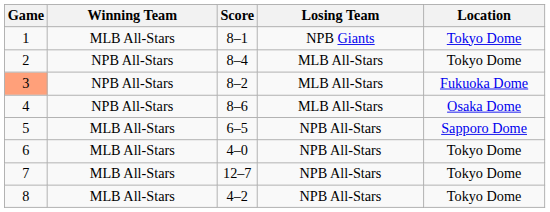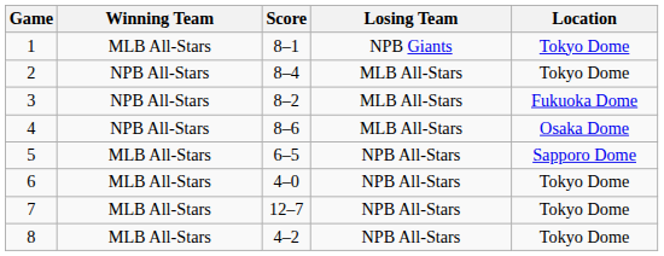 <table class="wikitable">
 <tr>
 <th>Game</th>
 <th>Winning Team</th>
 <th>Score</th>
 <th>Losing Team</th>
 <th>Location</th>
 </tr>
 <tr>
 <td style="width: 2em; text-align:center">1</td>
 <td style="width:15em; text-align:center">MLB All-Stars</td>
 <td style="width: 2em; text-align:center">8–1</td>
 <td style="width:15em; text-align:center">NPB <a href='#'>Giants</a></td>
 <td style="width:10em; text-align:center"><a href='#'>Tokyo Dome</a></td>
 </tr>
 <tr>
 <td style="text-align:center">2</td>
 <td style="text-align:center">NPB All-Stars</td>
 <td style="text-align:center">8–4</td>
 <td style="text-align:center">MLB All-Stars</td>
 <td style="text-align:center">Tokyo Dome</td>
 </tr>
 <tr>
-<td style="background: lightsalmon; text-align:center">3</td>
+<td style="text-align:center">3</td>
 <td style="text-align:center">NPB All-Stars</td>
 <td style="text-align:center">8–2</td>
 <td style="text-align:center">MLB All-Stars</td>
 <td style="text-align:center"><a href='#'>Fukuoka Dome</a></td>
 </tr>
 <tr>
 <td style="text-align:center">4</td>
 <td style="text-align:center">NPB All-Stars</td>
 <td style="text-align:center">8–6</td>
 <td style="text-align:center">MLB All-Stars</td>
 <td style="text-align:center"><a href='#'>Osaka Dome</a></td>
 </tr>
 <tr>
 <td style="text-align:center">5</td>
 <td style="text-align:center">MLB All-Stars</td>
 <td style="text-align:center">6–5</td>
 <td style="text-align:center">NPB All-Stars</td>
 <td style="text-align:center"><a href='#'>Sapporo Dome</a></td>
 </tr>
 <tr>
 <td style="text-align:center">6</td>
 <td style="text-align:center">MLB All-Stars</td>
 <td style="text-align:center">4–0</td>
 <td style="text-align:center">NPB All-Stars</td>
 <td style="text-align:center">Tokyo Dome</td>
 </tr>
 <tr>
 <td style="text-align:center">7</td>
 <td style="text-align:center">MLB All-Stars</td>
 <td style="text-align:center">12–7</td>
 <td style="text-align:center">NPB All-Stars</td>
 <td style="text-align:center">Tokyo Dome</td>
 </tr>
 <tr>
 <td style="text-align:center">8</td>
 <td style="text-align:center">MLB All-Stars</td>
 <td style="text-align:center">4–2</td>
 <td style="text-align:center">NPB All-Stars</td>
 <td style="text-align:center">Tokyo Dome</td>
 </tr>
 </table>
